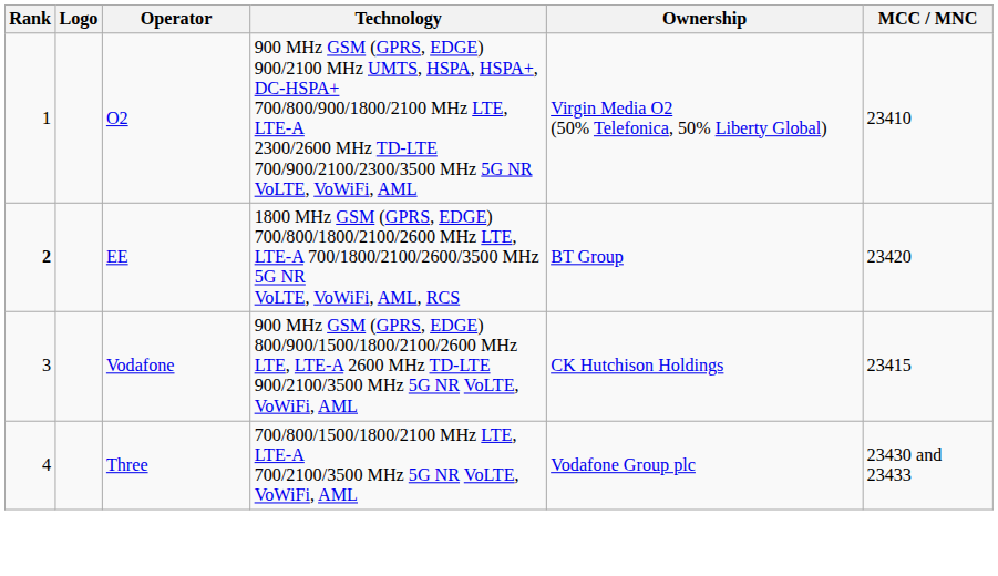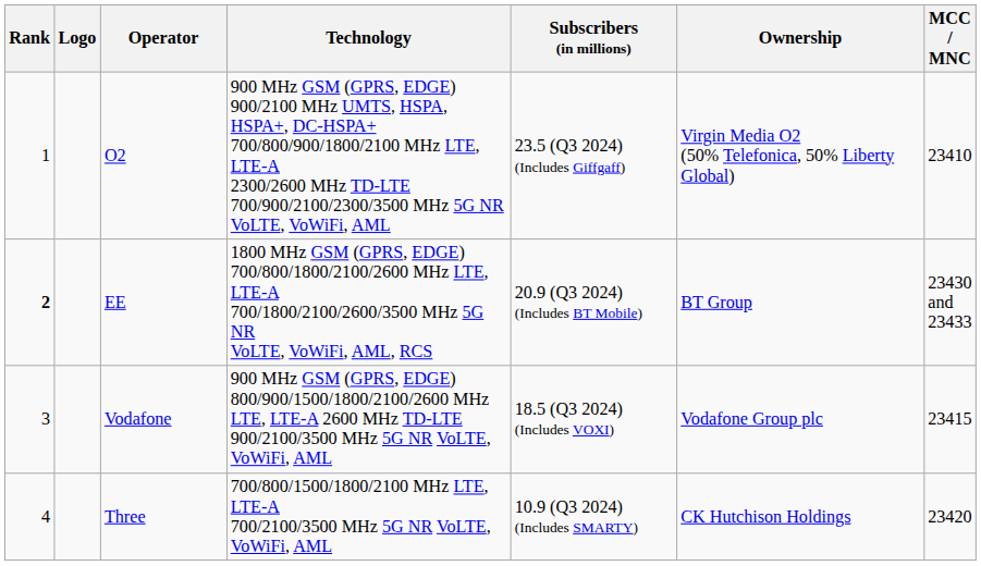 <table class="wikitable" style="width:100%;">
 <tr>
 <th style="width:3%;">Rank</th>
 <th>Logo</th>
 <th style="width:15%;">Operator</th>
 <th style="width:30%;">Technology</th>
+<th style="width:20%;">Subscribers<br><small>(in millions)</small></th>
 <th style="width:32%;">Ownership</th>
 <th>MCC / MNC</th>
 </tr>
 <tr>
 <td style="text-align:right;">1</td>
 <td></td>
 <td><a href='#'>O2</a></td>
 <td>900 MHz <a href='#'>GSM</a> (<a href='#'>GPRS</a>, <a href='#'>EDGE</a>)<br>900/2100 MHz <a href='#'>UMTS</a>, <a href='#'>HSPA</a>, <a href='#'>HSPA+</a>, <a href='#'>DC-HSPA+</a> 700/800/900/1800/2100 MHz <a href='#'>LTE</a>, <a href='#'>LTE-A</a><br>2300/2600 MHz <a href='#'>TD-LTE</a> 700/900/2100/2300/3500 MHz <a href='#'>5G NR</a><br><a href='#'>VoLTE</a>, <a href='#'>VoWiFi</a>, <a href='#'>AML</a></td>
+<td>23.5 (Q3 2024)<br><small>(Includes <a href='#'>Giffgaff</a>)</small></td>
 <td><a href='#'>Virgin Media O2</a><br>(50% <a href='#'>Telefonica</a>, 50% <a href='#'>Liberty Global</a>)</td>
 <td>23410</td>
 </tr>
 <tr>
 <td style="text-align:right;"><strong>2</strong></td>
 <td></td>
 <td><a href='#'>EE</a></td>
 <td>1800 MHz <a href='#'>GSM</a> (<a href='#'>GPRS</a>, <a href='#'>EDGE</a>)<br>700/800/1800/2100/2600 MHz <a href='#'>LTE</a>, <a href='#'>LTE-A</a> 700/1800/2100/2600/3500 MHz <a href='#'>5G NR</a><br><a href='#'>VoLTE</a>, <a href='#'>VoWiFi</a>, <a href='#'>AML</a>, <a href='#'>RCS</a></td>
+<td>20.9 (Q3 2024)<br><small>(Includes <a href='#'>BT Mobile</a>)</small></td>
 <td><a href='#'>BT Group</a></td>
-<td>23420</td>
+<td>23430 and 23433</td>
 </tr>
 <tr>
 <td style="text-align:right;">3</td>
 <td></td>
 <td><a href='#'>Vodafone</a></td>
 <td>900 MHz <a href='#'>GSM</a> (<a href='#'>GPRS</a>, <a href='#'>EDGE</a>)<br>800/900/1500/1800/2100/2600 MHz <a href='#'>LTE</a>, <a href='#'>LTE-A</a> 2600 MHz <a href='#'>TD-LTE</a><br>900/2100/3500 MHz <a href='#'>5G NR</a> <a href='#'>VoLTE</a>, <a href='#'>VoWiFi</a>, <a href='#'>AML</a></td>
-<td><a href='#'>CK Hutchison Holdings</a></td>
+<td>18.5 (Q3 2024)<br><small>(Includes <a href='#'>VOXI</a>)</small></td>
+<td><a href='#'>Vodafone Group plc</a></td>
 <td>23415</td>
 </tr>
 <tr>
 <td style="text-align:right;">4</td>
 <td></td>
 <td><a href='#'>Three</a></td>
 <td>700/800/1500/1800/2100 MHz <a href='#'>LTE</a>, <a href='#'>LTE-A</a><br>700/2100/3500 MHz <a href='#'>5G NR</a> <a href='#'>VoLTE</a>, <a href='#'>VoWiFi</a>, <a href='#'>AML</a></td>
-<td><a href='#'>Vodafone Group plc</a></td>
-<td>23430 and 23433</td>
+<td>10.9 (Q3 2024)<br><small>(Includes <a href='#'>SMARTY</a>)</small></td>
+<td><a href='#'>CK Hutchison Holdings</a></td>
+<td>23420</td>
 </tr>
 </table>
